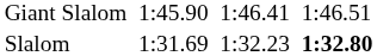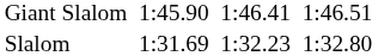 <table>
 <tr>
 <td>Giant Slalom</td>
 <td></td>
 <td>1:45.90</td>
 <td></td>
 <td>1:46.41</td>
 <td></td>
 <td>1:46.51</td>
 </tr>
 <tr>
 <td>Slalom</td>
 <td></td>
 <td>1:31.69</td>
 <td></td>
 <td>1:32.23</td>
 <td></td>
-<td><strong>1:32.80</strong></td>
+<td>1:32.80</td>
 </tr>
 </table>
